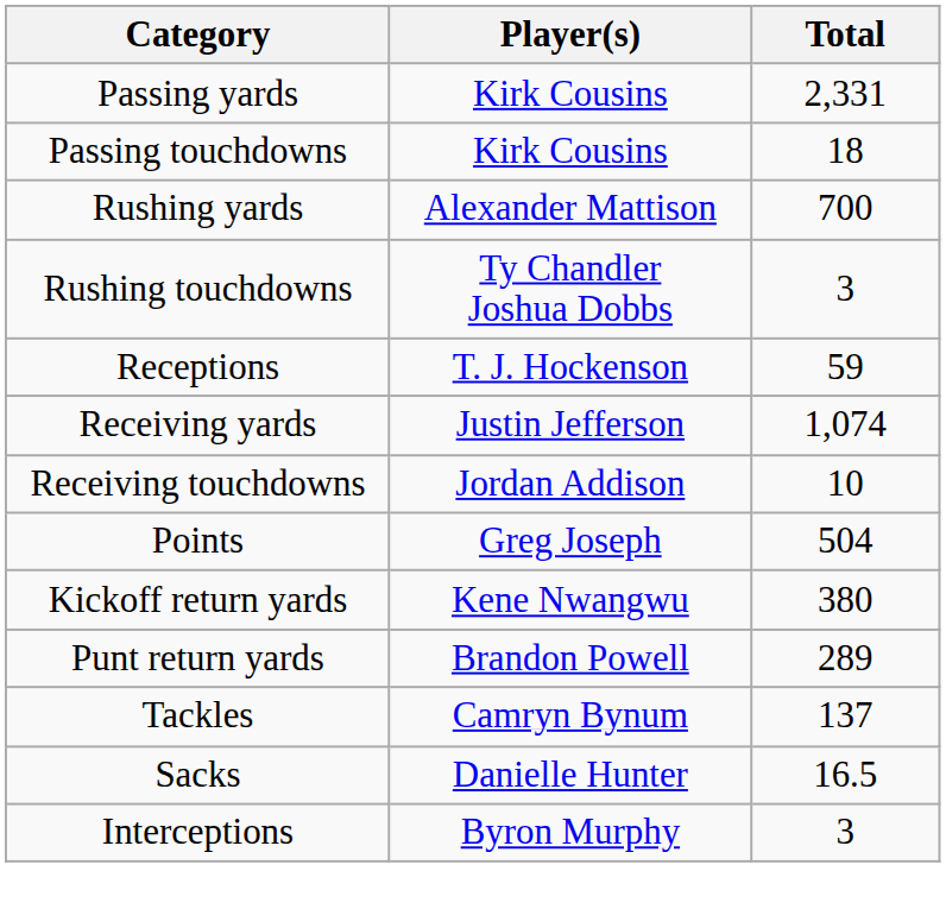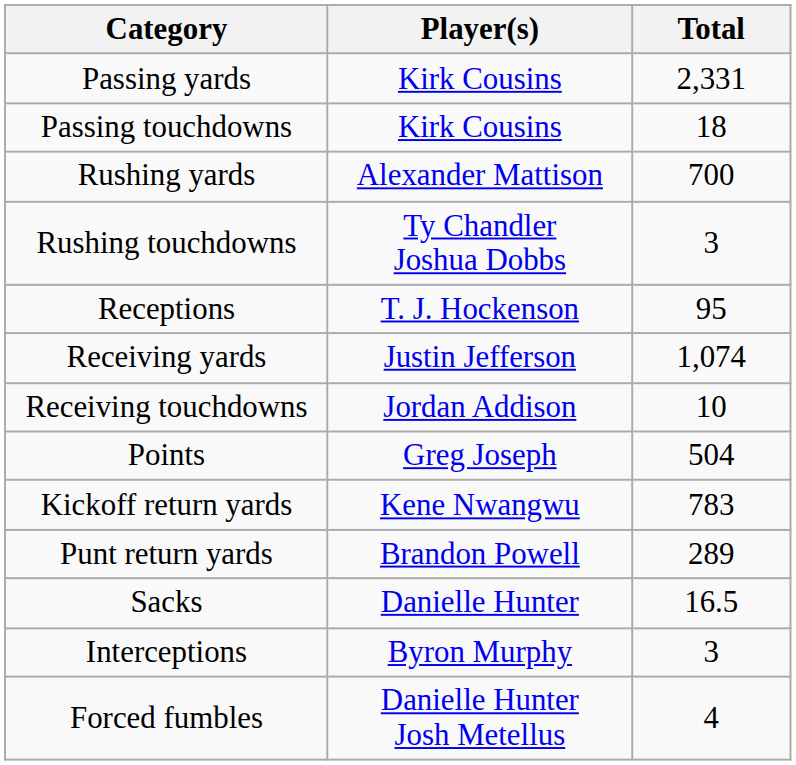 <table class="wikitable" style="text-align:center">
 <tr>
 <th width="160">Category</th>
 <th width="150">Player(s)</th>
 <th width="75">Total</th>
 </tr>
 <tr>
 <td>Passing yards</td>
 <td><a href='#'>Kirk Cousins</a></td>
 <td>2,331</td>
 </tr>
 <tr>
 <td>Passing touchdowns</td>
 <td><a href='#'>Kirk Cousins</a></td>
 <td>18</td>
 </tr>
 <tr>
 <td>Rushing yards</td>
 <td><a href='#'>Alexander Mattison</a></td>
 <td>700</td>
 </tr>
 <tr>
 <td>Rushing touchdowns</td>
 <td><a href='#'>Ty Chandler</a><br><a href='#'>Joshua Dobbs</a></td>
 <td>3</td>
 </tr>
 <tr>
 <td>Receptions</td>
 <td><a href='#'>T. J. Hockenson</a></td>
-<td>59</td>
+<td>95</td>
 </tr>
 <tr>
 <td>Receiving yards</td>
 <td><a href='#'>Justin Jefferson</a></td>
 <td>1,074</td>
 </tr>
 <tr>
 <td>Receiving touchdowns</td>
 <td><a href='#'>Jordan Addison</a></td>
 <td>10</td>
 </tr>
 <tr>
 <td>Points</td>
 <td><a href='#'>Greg Joseph</a></td>
 <td>504</td>
 </tr>
 <tr>
 <td>Kickoff return yards</td>
 <td><a href='#'>Kene Nwangwu</a></td>
-<td>380</td>
+<td>783</td>
 </tr>
 <tr>
 <td>Punt return yards</td>
 <td><a href='#'>Brandon Powell</a></td>
 <td>289</td>
-</tr>
-<tr>
-<td>Tackles</td>
-<td><a href='#'>Camryn Bynum</a></td>
-<td>137</td>
 </tr>
 <tr>
 <td>Sacks</td>
 <td><a href='#'>Danielle Hunter</a></td>
 <td>16.5</td>
 </tr>
 <tr>
 <td>Interceptions</td>
 <td><a href='#'>Byron Murphy</a></td>
 <td>3</td>
 </tr>
+<tr>
+<td>Forced fumbles</td>
+<td><a href='#'>Danielle Hunter</a><br><a href='#'>Josh Metellus</a></td>
+<td>4</td>
+</tr>
 </table>
